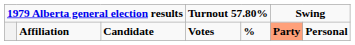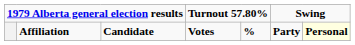 <table class="wikitable">
 <tr>
 <td colspan="3" align=center><strong><a href='#'>1979 Alberta general election</a> results</strong></td>
 <td colspan="2"><strong>Turnout 57.80%</strong></td>
 <td colspan="2" align=center><strong>Swing</strong></td>
 </tr>
 <tr>
 <th style="width: 10px;"></th>
 <td><strong>Affiliation</strong></td>
 <td><strong>Candidate</strong></td>
 <td><strong>Votes</strong></td>
 <td><strong>%</strong></td>
-<td style="background: lightsalmon;"><strong>Party</strong></td>
-<td><strong>Personal</strong><br>       </td>
+<td><strong>Party</strong></td>
+<td style="background: lightyellow;"><strong>Personal</strong><br>       </td>
 </tr>
 </table>
